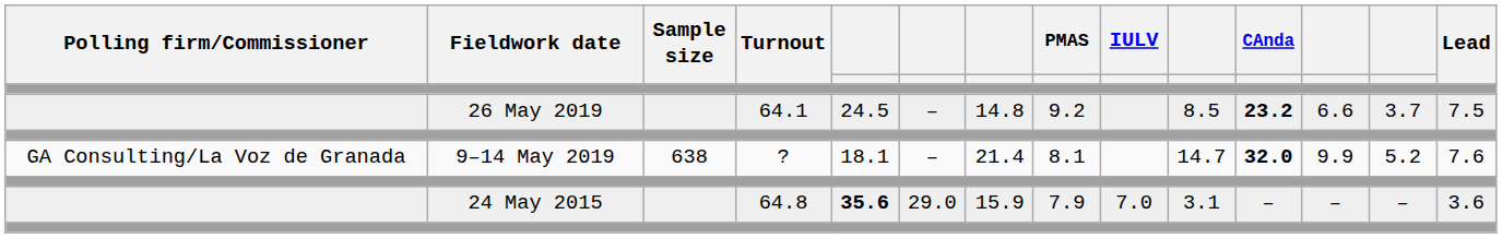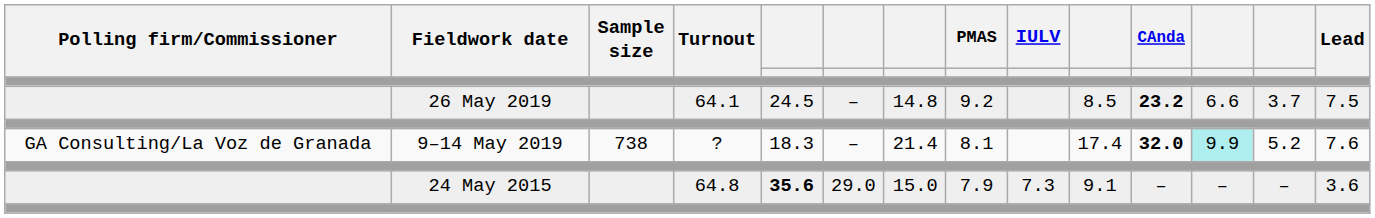 <table class="wikitable collapsible collapsed" style="text-align:center; font-size:95%; line-height:16px;">
 <tr style="height:42px;">
 <th style="width:250px;" rowspan="2">Polling firm/Commissioner</th>
 <th style="width:125px;" rowspan="2">Fieldwork date</th>
 <th style="width:50px;" rowspan="2">Sample size</th>
 <th style="width:45px;" rowspan="2">Turnout</th>
 <th style="width:35px;"></th>
 <th style="width:35px;"></th>
 <th style="width:35px;"></th>
 <th style="width:35px; font-size:90%;">PMAS</th>
 <th style="width:35px;"><a href='#'>IULV</a></th>
 <th style="width:35px;"></th>
 <th style="width:35px; font-size:85%;"><a href='#'>CAnda</a></th>
 <th style="width:35px;"></th>
 <th style="width:35px;"></th>
 <th style="width:30px;" rowspan="2">Lead</th>
 </tr>
 <tr>
 <th style="color:inherit;background:"></th>
 <th style="color:inherit;background:"></th>
 <th style="color:inherit;background:"></th>
 <th style="color:inherit;background:"></th>
 <th style="color:inherit;background:"></th>
 <th style="color:inherit;background:"></th>
 <th style="color:inherit;background:"></th>
 <th style="color:inherit;background:"></th>
 <th style="color:inherit;background:"></th>
 </tr>
 <tr>
 <td colspan="14" style="background:#A0A0A0"></td>
 </tr>
 <tr style="background:#EFEFEF;">
 <td><strong></strong></td>
 <td>26 May 2019</td>
 <td></td>
 <td>64.1</td>
 <td>24.5<br></td>
 <td>–</td>
 <td>14.8<br></td>
 <td>9.2<br></td>
 <td></td>
 <td>8.5<br></td>
 <td><strong>23.2</strong><br></td>
 <td>6.6<br></td>
 <td>3.7<br></td>
 <td style="background:">7.5</td>
 </tr>
 <tr>
 <td colspan="14" style="background:#A0A0A0"></td>
 </tr>
 <tr>
 <td>GA Consulting/La Voz de Granada</td>
 <td>9–14 May 2019</td>
-<td>638</td>
+<td>738</td>
 <td>?</td>
-<td>18.1<br></td>
+<td>18.3<br></td>
 <td>–</td>
 <td>21.4<br></td>
 <td>8.1<br></td>
 <td></td>
-<td>14.7<br></td>
+<td>17.4<br></td>
 <td><strong>32.0</strong><br></td>
-<td>9.9<br></td>
+<td style="background: paleturquoise;">9.9<br></td>
 <td>5.2<br></td>
 <td style="background:">7.6</td>
 </tr>
 <tr>
 <td colspan="14" style="background:#A0A0A0"></td>
 </tr>
 <tr style="background:#EFEFEF;">
 <td><strong></strong></td>
 <td>24 May 2015</td>
 <td></td>
 <td>64.8</td>
 <td><strong>35.6</strong><br></td>
 <td>29.0<br></td>
-<td>15.9<br></td>
+<td>15.0<br></td>
 <td>7.9<br></td>
-<td>7.0<br></td>
-<td>3.1<br></td>
+<td>7.3<br></td>
+<td>9.1<br></td>
 <td>–</td>
 <td>–</td>
 <td>–</td>
 <td style="background:">3.6</td>
 </tr>
 <tr>
 <td colspan="14" style="background:#A0A0A0"></td>
 </tr>
 </table>
